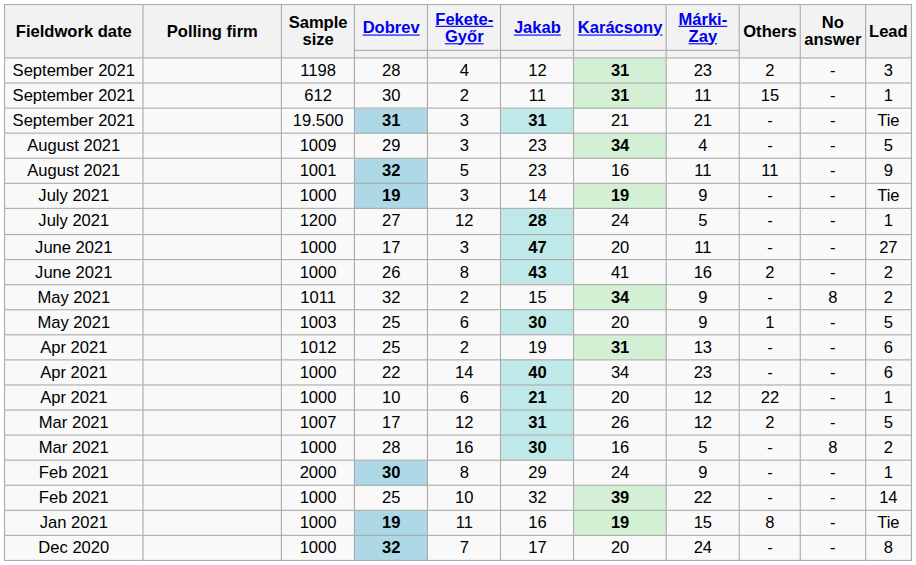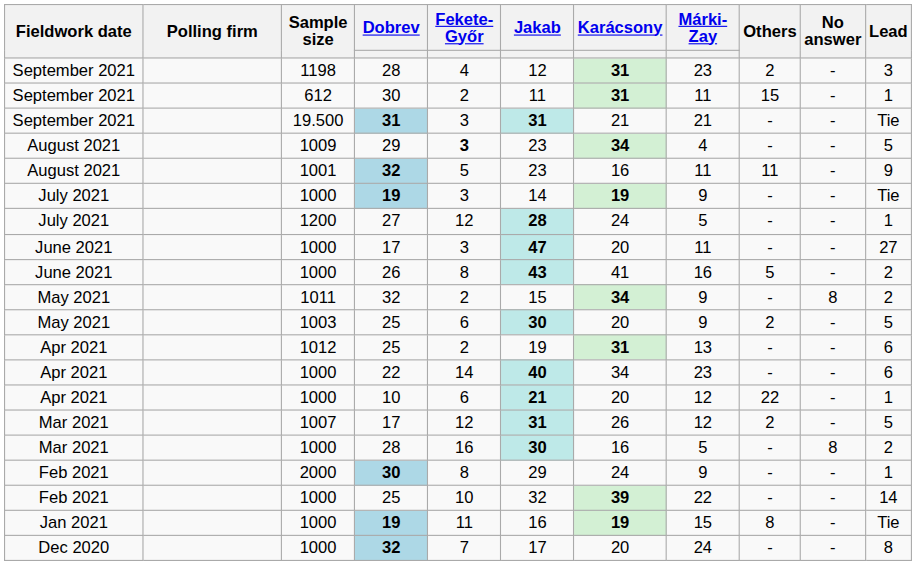 <table class="wikitable sortable" style="text-align:center;font-size:95%;line-height:16px;">
 <tr style="height:42px;">
 <th style="width:120px;" rowspan="2">Fieldwork date</th>
 <th style="width:120px;" rowspan="2">Polling firm</th>
 <th style="width:60px;" rowspan="2">Sample<br>size</th>
 <th style="width:60px;" class="unsortable"><a href='#'>Dobrev</a></th>
 <th style="width:60px;" class="unsortable"><a href='#'>Fekete-Győr</a></th>
 <th style="width:60px;" class="unsortable"><a href='#'>Jakab</a></th>
 <th style="width:60px;" class="unsortable"><a href='#'>Karácsony</a></th>
 <th style="width:60px;" class="unsortable"><a href='#'>Márki-Zay</a></th>
 <th style="width:40px;" class="unsortable" rowspan="2">Others</th>
 <th style="width:40px;" class="unsortable" rowspan="2">No answer</th>
 <th style="width:20px;" class="unsortable" rowspan="2">Lead</th>
 </tr>
 <tr>
 <th style="color:inherit;background:"></th>
 <th style="color:inherit;background:"></th>
 <th style="color:inherit;background:"></th>
 <th style="color:inherit;background:"></th>
 <th style="color:inherit;background:"></th>
 </tr>
 <tr>
 <td>September 2021</td>
 <td></td>
 <td>1198</td>
 <td>28</td>
 <td>4</td>
 <td>12</td>
 <td style="background:#d3f0d4"><strong>31</strong></td>
 <td>23</td>
 <td>2</td>
 <td>-</td>
 <td style="background:">3</td>
 </tr>
 <tr>
 <td>September 2021</td>
 <td></td>
 <td>612</td>
 <td>30</td>
 <td>2</td>
 <td>11</td>
 <td style="background:#d3f0d4"><strong>31</strong></td>
 <td>11</td>
 <td>15</td>
 <td>-</td>
 <td style="background:">1</td>
 </tr>
 <tr>
 <td>September 2021</td>
 <td></td>
 <td>19.500</td>
 <td style="background:#add8e6"><strong>31</strong></td>
 <td>3</td>
 <td style="background:#bee9e8"><strong>31</strong></td>
 <td>21</td>
 <td>21</td>
 <td>-</td>
 <td>-</td>
 <td>Tie</td>
 </tr>
 <tr>
 <td>August 2021</td>
 <td></td>
 <td>1009</td>
 <td>29</td>
-<td>3</td>
+<td><strong>3</strong></td>
 <td>23</td>
 <td style="background:#d3f0d4"><strong>34</strong></td>
 <td>4</td>
 <td>-</td>
 <td>-</td>
 <td style="background:">5</td>
 </tr>
 <tr>
 <td>August 2021</td>
 <td></td>
 <td>1001</td>
 <td style="background:#add8e6"><strong>32</strong></td>
 <td>5</td>
 <td>23</td>
 <td>16</td>
 <td>11</td>
 <td>11</td>
 <td>-</td>
 <td style="background:">9</td>
 </tr>
 <tr>
 <td>July 2021</td>
 <td></td>
 <td>1000</td>
 <td style="background:#add8e6"><strong>19</strong></td>
 <td>3</td>
 <td>14</td>
 <td style="background:#d3f0d4"><strong>19</strong></td>
 <td>9</td>
 <td>-</td>
 <td>-</td>
 <td>Tie</td>
 </tr>
 <tr>
 <td>July 2021</td>
 <td></td>
 <td>1200</td>
 <td>27</td>
 <td>12</td>
 <td style="background:#bee9e8"><strong>28</strong></td>
 <td>24</td>
 <td>5</td>
 <td>-</td>
 <td>-</td>
 <td style="background:">1</td>
 </tr>
 <tr>
 <td>June 2021</td>
 <td></td>
 <td>1000</td>
 <td>17</td>
 <td>3</td>
 <td style="background:#bee9e8"><strong>47</strong></td>
 <td>20</td>
 <td>11</td>
 <td>-</td>
 <td>-</td>
 <td style="background:">27</td>
 </tr>
 <tr>
 <td data-sort-value="2021-06-01">June 2021</td>
 <td></td>
 <td>1000</td>
 <td>26</td>
 <td>8</td>
 <td style="background:#bee9e8"><strong>43</strong></td>
 <td>41</td>
 <td>16</td>
-<td>2</td>
+<td>5</td>
 <td>-</td>
 <td style="background:">2</td>
 </tr>
 <tr>
 <td data-sort-value="2021-05-01">May 2021</td>
 <td></td>
 <td>1011</td>
 <td>32</td>
 <td>2</td>
 <td>15</td>
 <td style="background:#d3f0d4"><strong>34</strong></td>
 <td>9</td>
 <td>-</td>
 <td>8</td>
 <td style="background:">2</td>
 </tr>
 <tr>
 <td data-sort-value="2021-05-01">May 2021</td>
 <td></td>
 <td>1003</td>
 <td>25</td>
 <td>6</td>
 <td style="background:#bee9e8"><strong>30</strong></td>
 <td>20</td>
 <td>9</td>
-<td>1</td>
+<td>2</td>
 <td>-</td>
 <td style="background:">5</td>
 </tr>
 <tr>
 <td data-sort-value="2021-04-01">Apr 2021</td>
 <td></td>
 <td>1012</td>
 <td>25</td>
 <td>2</td>
 <td>19</td>
 <td style="background:#d3f0d4"><strong>31</strong></td>
 <td>13</td>
 <td>-</td>
 <td>-</td>
 <td style="background:">6</td>
 </tr>
 <tr>
 <td data-sort-value="2021-04-01">Apr 2021</td>
 <td></td>
 <td>1000</td>
 <td>22</td>
 <td>14</td>
 <td style="background:#bee9e8"><strong>40</strong></td>
 <td>34</td>
 <td>23</td>
 <td>-</td>
 <td>-</td>
 <td style="background:">6</td>
 </tr>
 <tr>
 <td data-sort-value="2021-04-01">Apr 2021</td>
 <td></td>
 <td>1000</td>
 <td>10</td>
 <td>6</td>
 <td style="background:#bee9e8"><strong>21</strong></td>
 <td>20</td>
 <td>12</td>
 <td>22</td>
 <td>-</td>
 <td style="background:">1</td>
 </tr>
 <tr>
 <td data-sort-value="2021-03-01">Mar 2021</td>
 <td></td>
 <td>1007</td>
 <td>17</td>
 <td>12</td>
 <td style="background:#bee9e8"><strong>31</strong></td>
 <td>26</td>
 <td>12</td>
 <td>2</td>
 <td>-</td>
 <td style="background:">5</td>
 </tr>
 <tr>
 <td data-sort-value="2021-03-01">Mar 2021</td>
 <td></td>
 <td>1000</td>
 <td>28</td>
 <td>16</td>
 <td style="background:#bee9e8"><strong>30</strong></td>
 <td>16</td>
 <td>5</td>
 <td>-</td>
 <td>8</td>
 <td style="background:">2</td>
 </tr>
 <tr>
 <td data-sort-value="2021-02-01">Feb 2021</td>
 <td></td>
 <td>2000</td>
 <td style="background:#add8e6"><strong>30</strong></td>
 <td>8</td>
 <td>29</td>
 <td>24</td>
 <td>9</td>
 <td>-</td>
 <td>-</td>
 <td style="background:">1</td>
 </tr>
 <tr>
 <td data-sort-value="2021-02-01">Feb 2021</td>
 <td></td>
 <td>1000</td>
 <td>25</td>
 <td>10</td>
 <td>32</td>
 <td style="background:#d3f0d4"><strong>39</strong></td>
 <td>22</td>
 <td>-</td>
 <td>-</td>
 <td style="background:">14</td>
 </tr>
 <tr>
 <td data-sort-value="2021-01-01">Jan 2021</td>
 <td></td>
 <td>1000</td>
 <td style="background:#add8e6"><strong>19</strong></td>
 <td>11</td>
 <td>16</td>
 <td style="background:#d3f0d4"><strong>19</strong></td>
 <td>15</td>
 <td>8</td>
 <td>-</td>
 <td>Tie</td>
 </tr>
 <tr>
 <td data-sort-value="2020-12-01">Dec 2020</td>
 <td></td>
 <td>1000</td>
 <td style="background:#add8e6"><strong>32</strong></td>
 <td>7</td>
 <td>17</td>
 <td>20</td>
 <td>24</td>
 <td>-</td>
 <td>-</td>
 <td style="background:">8</td>
 </tr>
 </table>
